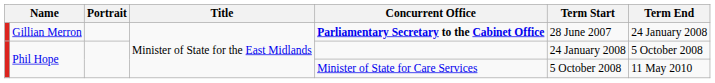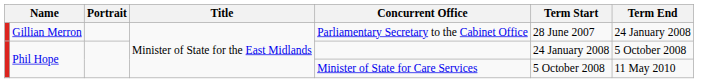 <table class="wikitable">
 <tr>
 <th colspan="2">Name</th>
 <th>Portrait</th>
 <th>Title</th>
 <th>Concurrent Office</th>
 <th>Term Start</th>
 <th>Term End</th>
 </tr>
 <tr>
 <th style="background-color: #DC241f"></th>
 <td><a href='#'>Gillian Merron</a></td>
 <td></td>
 <td rowspan="3">Minister of State for the <a href='#'>East Midlands</a></td>
-<td><strong><a href='#'>Parliamentary Secretary</a> to the <a href='#'>Cabinet Office</a></strong></td>
+<td><a href='#'>Parliamentary Secretary</a> to the <a href='#'>Cabinet Office</a></td>
 <td>28 June 2007</td>
 <td>24 January 2008</td>
 </tr>
 <tr>
 <th rowspan="2" style="background-color: #DC241f"></th>
 <td rowspan="2"><a href='#'>Phil Hope</a></td>
 <td rowspan="2"></td>
 <td></td>
 <td>24 January 2008</td>
 <td>5 October 2008</td>
 </tr>
 <tr>
 <td><a href='#'>Minister of State for Care Services</a></td>
 <td>5 October 2008</td>
 <td>11 May 2010</td>
 </tr>
 </table>
